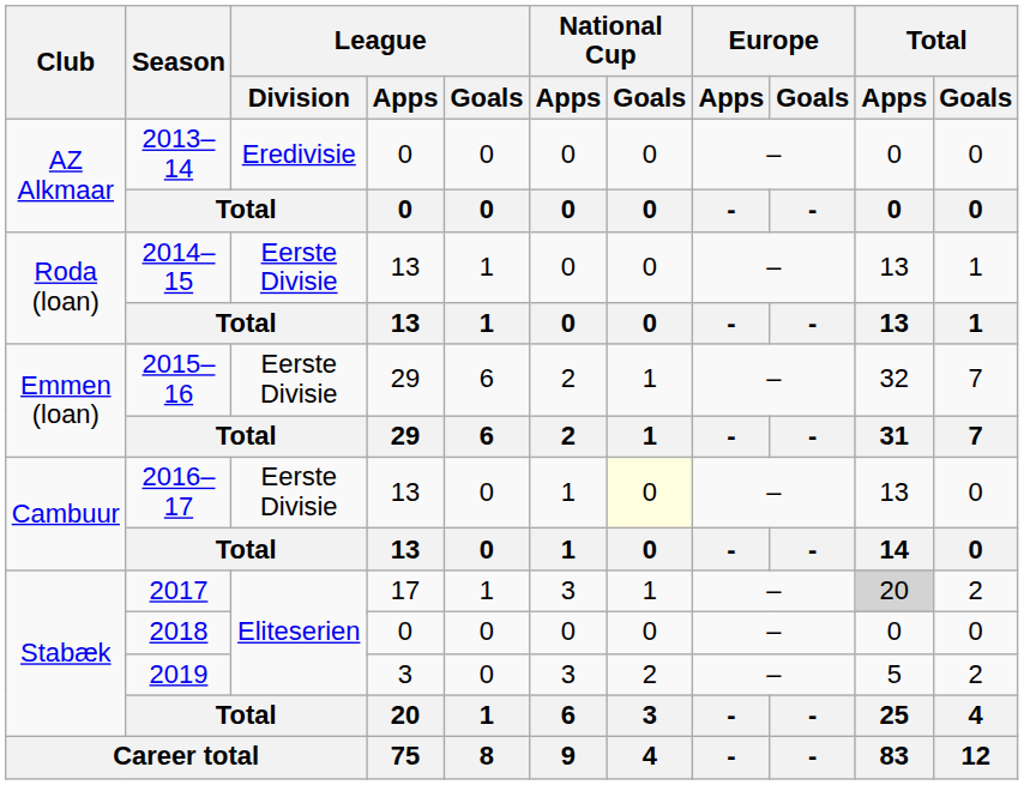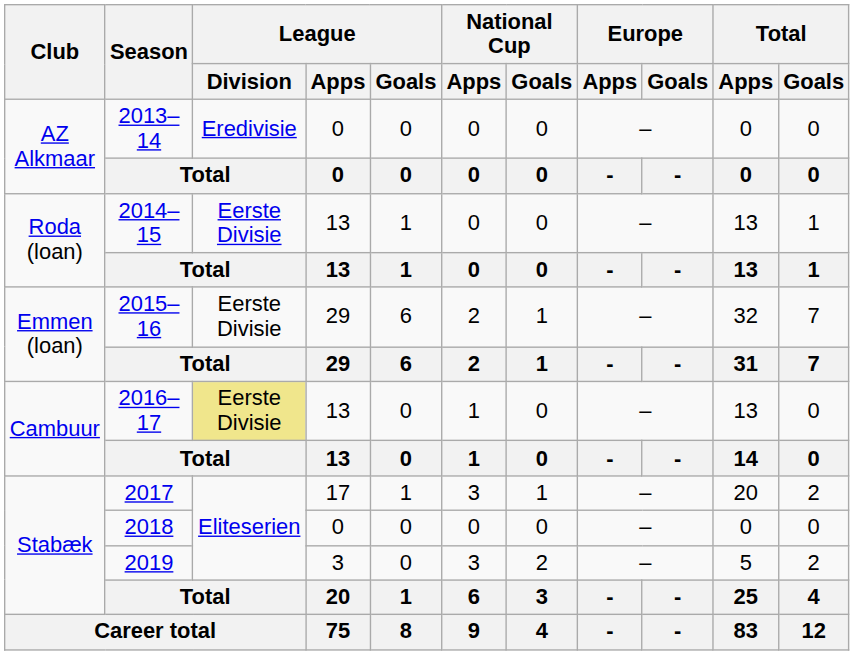 <table class="wikitable" style="text-align: center;">
 <tr>
 <th rowspan="2">Club</th>
 <th rowspan="2">Season</th>
 <th colspan="3">League</th>
 <th colspan="2">National Cup</th>
 <th colspan="2">Europe</th>
 <th colspan="2">Total</th>
 </tr>
 <tr>
 <th>Division</th>
 <th>Apps</th>
 <th>Goals</th>
 <th>Apps</th>
 <th>Goals</th>
 <th>Apps</th>
 <th>Goals</th>
 <th>Apps</th>
 <th>Goals</th>
 </tr>
 <tr>
 <td rowspan="2" valign="center"><a href='#'>AZ Alkmaar</a></td>
 <td><a href='#'>2013–14</a></td>
 <td rowspan="1" valign="center"><a href='#'>Eredivisie</a></td>
 <td>0</td>
 <td>0</td>
 <td>0</td>
 <td>0</td>
 <td colspan="2">–</td>
 <td>0</td>
 <td>0</td>
 </tr>
 <tr>
 <th colspan="2">Total</th>
 <th>0</th>
 <th>0</th>
 <th>0</th>
 <th>0</th>
 <th>-</th>
 <th>-</th>
 <th>0</th>
 <th>0</th>
 </tr>
 <tr>
 <td rowspan="2" valign="center"><a href='#'>Roda</a> (loan)</td>
 <td><a href='#'>2014–15</a></td>
 <td rowspan="1" valign="center"><a href='#'>Eerste Divisie</a></td>
 <td>13</td>
 <td>1</td>
 <td>0</td>
 <td>0</td>
 <td colspan="2">–</td>
 <td>13</td>
 <td>1</td>
 </tr>
 <tr>
 <th colspan="2">Total</th>
 <th>13</th>
 <th>1</th>
 <th>0</th>
 <th>0</th>
 <th>-</th>
 <th>-</th>
 <th>13</th>
 <th>1</th>
 </tr>
 <tr>
 <td rowspan="2" valign="center"><a href='#'>Emmen</a> (loan)</td>
 <td><a href='#'>2015–16</a></td>
 <td rowspan="1" valign="center">Eerste Divisie</td>
 <td>29</td>
 <td>6</td>
 <td>2</td>
 <td>1</td>
 <td colspan="2">–</td>
 <td>32</td>
 <td>7</td>
 </tr>
 <tr>
 <th colspan="2">Total</th>
 <th>29</th>
 <th>6</th>
 <th>2</th>
 <th>1</th>
 <th>-</th>
 <th>-</th>
 <th>31</th>
 <th>7</th>
 </tr>
 <tr>
 <td rowspan="2" valign="center"><a href='#'>Cambuur</a></td>
 <td><a href='#'>2016–17</a></td>
-<td rowspan="1" valign="center">Eerste Divisie</td>
+<td rowspan="1" valign="center" style="background: khaki;">Eerste Divisie</td>
 <td>13</td>
 <td>0</td>
 <td>1</td>
-<td style="background: lightyellow;">0</td>
+<td>0</td>
 <td colspan="2">–</td>
 <td>13</td>
 <td>0</td>
 </tr>
 <tr>
 <th colspan="2">Total</th>
 <th>13</th>
 <th>0</th>
 <th>1</th>
 <th>0</th>
 <th>-</th>
 <th>-</th>
 <th>14</th>
 <th>0</th>
 </tr>
 <tr>
 <td rowspan="4" valign="center"><a href='#'>Stabæk</a></td>
 <td><a href='#'>2017</a></td>
 <td rowspan="3" valign="center"><a href='#'>Eliteserien</a></td>
 <td>17</td>
 <td>1</td>
 <td>3</td>
 <td>1</td>
 <td colspan="2">–</td>
-<td style="background: lightgrey;">20</td>
+<td>20</td>
 <td>2</td>
 </tr>
 <tr>
 <td><a href='#'>2018</a></td>
 <td>0</td>
 <td>0</td>
 <td>0</td>
 <td>0</td>
 <td colspan="2">–</td>
 <td>0</td>
 <td>0</td>
 </tr>
 <tr>
 <td><a href='#'>2019</a></td>
 <td>3</td>
 <td>0</td>
 <td>3</td>
 <td>2</td>
 <td colspan="2">–</td>
 <td>5</td>
 <td>2</td>
 </tr>
 <tr>
 <th colspan="2">Total</th>
 <th>20</th>
 <th>1</th>
 <th>6</th>
 <th>3</th>
 <th>-</th>
 <th>-</th>
 <th>25</th>
 <th>4</th>
 </tr>
 <tr>
 <th colspan="3">Career total</th>
 <th>75</th>
 <th>8</th>
 <th>9</th>
 <th>4</th>
 <th>-</th>
 <th>-</th>
 <th>83</th>
 <th>12</th>
 </tr>
 </table>
